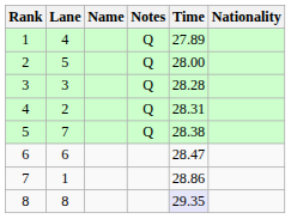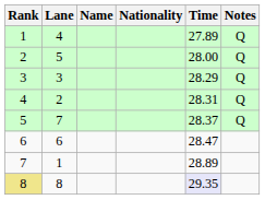 <table class="wikitable sortable" style="text-align:center">
 <tr>
 <th>Rank</th>
 <th>Lane</th>
 <th>Name</th>
+<th>Nationality</th>
+<th>Time</th>
 <th>Notes</th>
-<th>Time</th>
-<th>Nationality</th>
 </tr>
 <tr bgcolor="ccffcc">
 <td>1</td>
 <td>4</td>
 <td align="left"></td>
+<td align="left"></td>
+<td>27.89</td>
 <td>Q</td>
-<td>27.89</td>
-<td align="left"></td>
 </tr>
 <tr bgcolor="ccffcc">
 <td>2</td>
 <td>5</td>
 <td align="left"></td>
+<td align="left"></td>
+<td>28.00</td>
 <td>Q</td>
-<td>28.00</td>
-<td align="left"></td>
 </tr>
 <tr bgcolor="ccffcc">
 <td>3</td>
 <td>3</td>
 <td align="left"></td>
+<td align="left"></td>
+<td>28.29</td>
 <td>Q</td>
-<td>28.28</td>
-<td align="left"></td>
 </tr>
 <tr bgcolor="ccffcc">
 <td>4</td>
 <td>2</td>
 <td align="left"></td>
+<td align="left"></td>
+<td>28.31</td>
 <td>Q</td>
-<td>28.31</td>
-<td align="left"></td>
 </tr>
 <tr bgcolor="ccffcc">
 <td>5</td>
 <td>7</td>
 <td align="left"></td>
+<td align="left"></td>
+<td>28.37</td>
 <td>Q</td>
-<td>28.38</td>
-<td align="left"></td>
 </tr>
 <tr>
 <td>6</td>
 <td>6</td>
 <td align="left"></td>
+<td align="left"></td>
+<td>28.47</td>
 <td></td>
-<td>28.47</td>
-<td align="left"></td>
 </tr>
 <tr>
 <td>7</td>
 <td>1</td>
 <td align="left"></td>
+<td align="left"></td>
+<td>28.89</td>
 <td></td>
-<td>28.86</td>
-<td align="left"></td>
 </tr>
 <tr>
-<td>8</td>
+<td style="background: khaki;">8</td>
 <td>8</td>
 <td align="left"></td>
+<td align="left"></td>
+<td style="background: lavender;">29.35</td>
 <td></td>
-<td style="background: lavender;">29.35</td>
-<td align="left"></td>
 </tr>
 </table>
